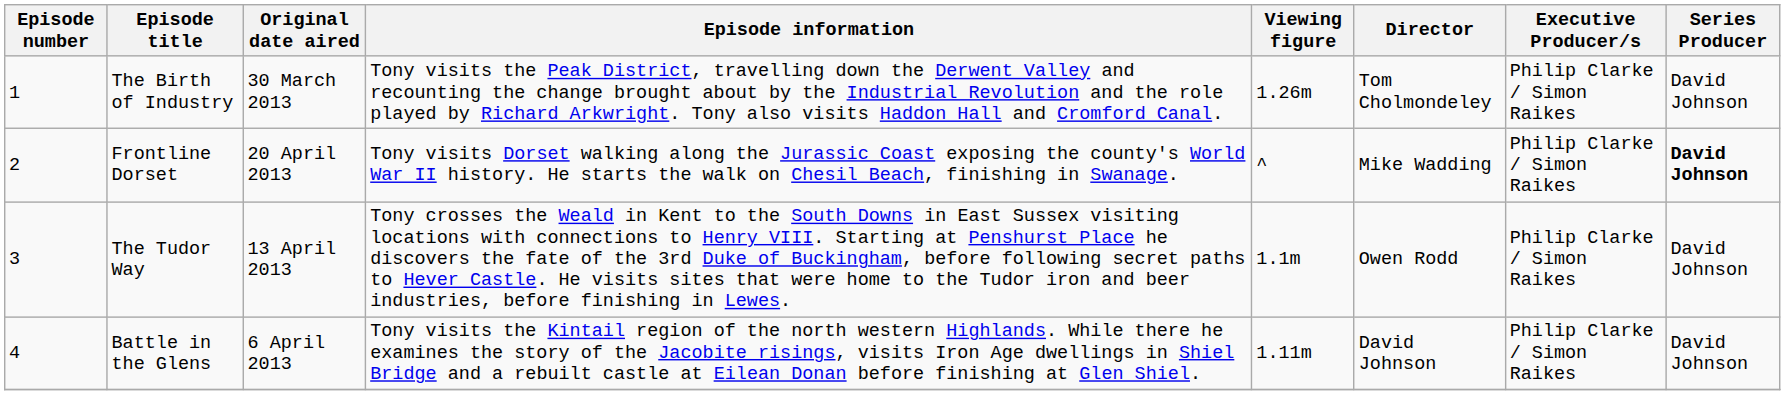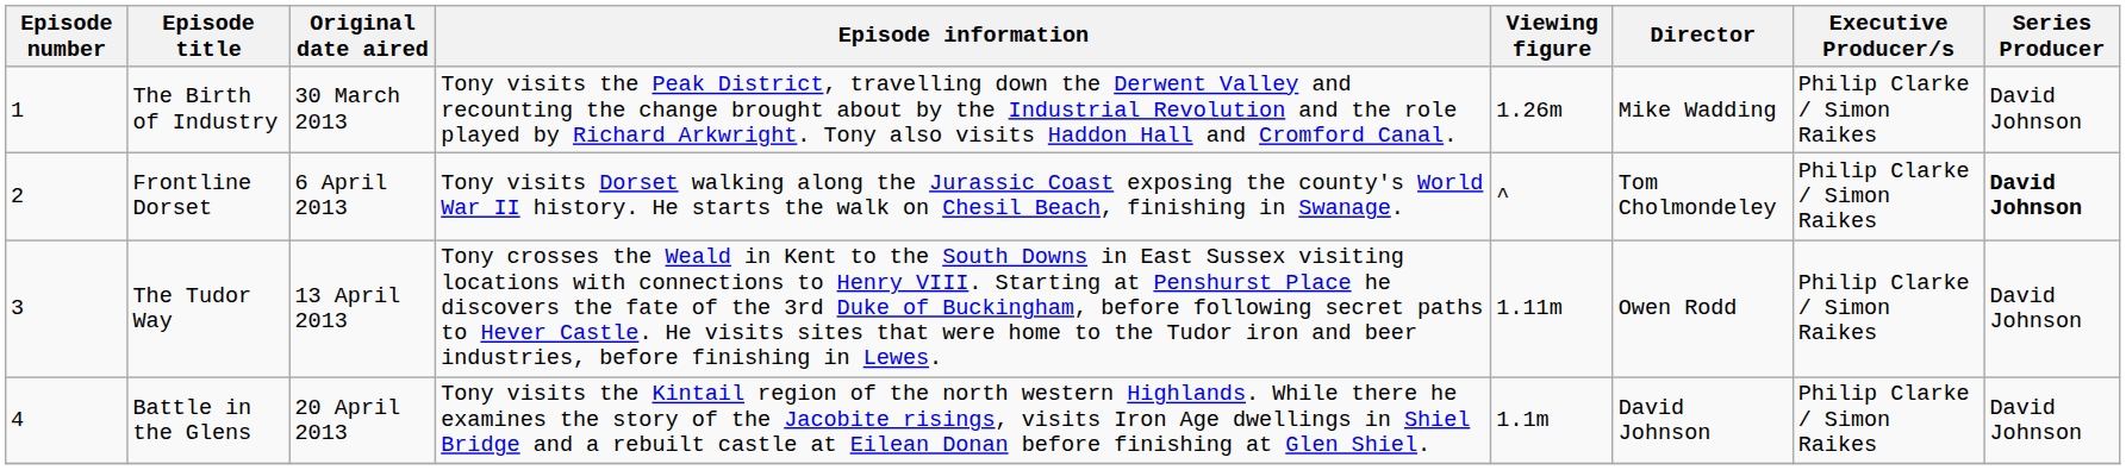 <table class="wikitable sortable">
 <tr>
 <th>Episode number</th>
 <th>Episode title</th>
 <th>Original date aired</th>
 <th>Episode information</th>
 <th>Viewing figure</th>
 <th>Director</th>
 <th>Executive Producer/s</th>
 <th>Series Producer</th>
 </tr>
 <tr>
 <td>1</td>
 <td>The Birth of Industry</td>
 <td>30 March 2013</td>
 <td>Tony visits the <a href='#'>Peak District</a>, travelling down the <a href='#'>Derwent Valley</a> and recounting the change brought about by the <a href='#'>Industrial Revolution</a> and the role played by <a href='#'>Richard Arkwright</a>. Tony also visits <a href='#'>Haddon Hall</a> and <a href='#'>Cromford Canal</a>.</td>
 <td>1.26m</td>
-<td>Tom Cholmondeley</td>
+<td>Mike Wadding</td>
 <td>Philip Clarke / Simon Raikes</td>
 <td>David Johnson</td>
 </tr>
 <tr>
 <td>2</td>
 <td>Frontline Dorset</td>
-<td>20 April 2013</td>
+<td>6 April 2013</td>
 <td>Tony visits <a href='#'>Dorset</a> walking along the <a href='#'>Jurassic Coast</a> exposing the county's <a href='#'>World War II</a> history. He starts the walk on <a href='#'>Chesil Beach</a>, finishing in <a href='#'>Swanage</a>.</td>
 <td>^</td>
-<td>Mike Wadding</td>
+<td>Tom Cholmondeley</td>
 <td>Philip Clarke / Simon Raikes</td>
 <td><strong>David Johnson</strong></td>
 </tr>
 <tr>
 <td>3</td>
 <td>The Tudor Way</td>
 <td>13 April 2013</td>
 <td>Tony crosses the <a href='#'>Weald</a> in Kent to the <a href='#'>South Downs</a> in East Sussex visiting locations with connections to <a href='#'>Henry VIII</a>. Starting at <a href='#'>Penshurst Place</a> he discovers the fate of the 3rd <a href='#'>Duke of Buckingham</a>, before following secret paths to <a href='#'>Hever Castle</a>. He visits sites that were home to the Tudor iron and beer industries, before finishing in <a href='#'>Lewes</a>.</td>
-<td>1.1m</td>
+<td>1.11m</td>
 <td>Owen Rodd</td>
 <td>Philip Clarke / Simon Raikes</td>
 <td>David Johnson</td>
 </tr>
 <tr>
 <td>4</td>
 <td>Battle in the Glens</td>
-<td>6 April 2013</td>
+<td>20 April 2013</td>
 <td>Tony visits the <a href='#'>Kintail</a> region of the north western <a href='#'>Highlands</a>. While there he examines the story of the <a href='#'>Jacobite risings</a>, visits Iron Age dwellings in <a href='#'>Shiel Bridge</a> and a rebuilt castle at <a href='#'>Eilean Donan</a> before finishing at <a href='#'>Glen Shiel</a>.</td>
-<td>1.11m</td>
+<td>1.1m</td>
 <td>David Johnson</td>
 <td>Philip Clarke / Simon Raikes</td>
 <td>David Johnson</td>
 </tr>
 <tr>
 </tr>
 </table>
